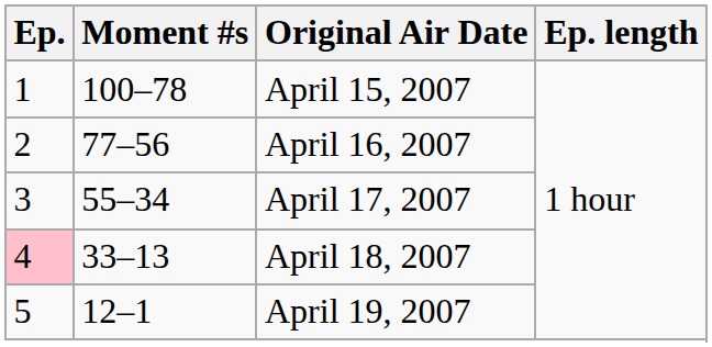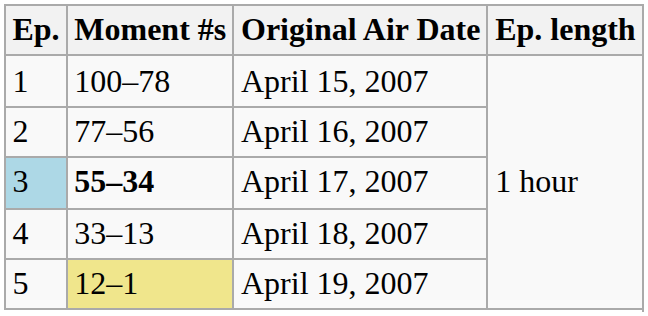 <table class="wikitable">
 <tr>
 <th>Ep.</th>
 <th>Moment #s</th>
 <th>Original Air Date</th>
 <th>Ep. length</th>
 </tr>
 <tr>
 <td>1</td>
 <td>100–78</td>
 <td>April 15, 2007</td>
 <td rowspan=9>1 hour</td>
 </tr>
 <tr>
 <td>2</td>
 <td>77–56</td>
 <td>April 16, 2007</td>
 </tr>
 <tr>
-<td>3</td>
-<td>55–34</td>
+<td style="background: lightblue;">3</td>
+<td><strong>55–34</strong></td>
 <td>April 17, 2007</td>
 </tr>
 <tr>
-<td style="background: pink;">4</td>
+<td>4</td>
 <td>33–13</td>
 <td>April 18, 2007</td>
 </tr>
 <tr>
 <td>5</td>
-<td>12–1</td>
+<td style="background: khaki;">12–1</td>
 <td>April 19, 2007</td>
 </tr>
 <tr>
 </tr>
 </table>
